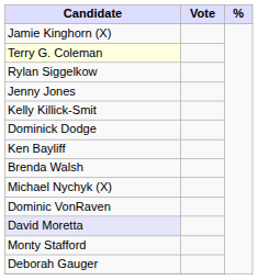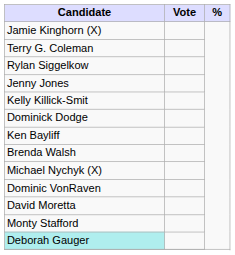 <table class="wikitable">
 <tr>
 <th style="background:#ddf; width:225px;">Candidate</th>
 <th style="background:#ddf; width:50px;">Vote</th>
 <th style="background:#ddf; width:30px;">%</th>
 </tr>
 <tr>
 <td>Jamie Kinghorn (X)</td>
 <td></td>
 </tr>
 <tr>
-<td style="background: lightyellow;">Terry G. Coleman</td>
+<td>Terry G. Coleman</td>
 <td></td>
 </tr>
 <tr>
 <td>Rylan Siggelkow</td>
 <td></td>
 </tr>
 <tr>
 <td>Jenny Jones</td>
 <td></td>
 </tr>
 <tr>
 <td>Kelly Killick-Smit</td>
 <td></td>
 </tr>
 <tr>
 <td>Dominick Dodge</td>
 <td></td>
 </tr>
 <tr>
 <td>Ken Bayliff</td>
 <td></td>
 </tr>
 <tr>
 <td>Brenda Walsh</td>
 <td></td>
 </tr>
 <tr>
 <td>Michael Nychyk (X)</td>
 <td></td>
 </tr>
 <tr>
 <td>Dominic VonRaven</td>
 <td></td>
 </tr>
 <tr>
-<td style="background: lavender;">David Moretta</td>
+<td>David Moretta</td>
 <td></td>
 </tr>
 <tr>
 <td>Monty Stafford</td>
 <td></td>
 </tr>
 <tr>
-<td>Deborah Gauger</td>
+<td style="background: paleturquoise;">Deborah Gauger</td>
 <td></td>
 </tr>
 <tr>
 </tr>
 </table>
